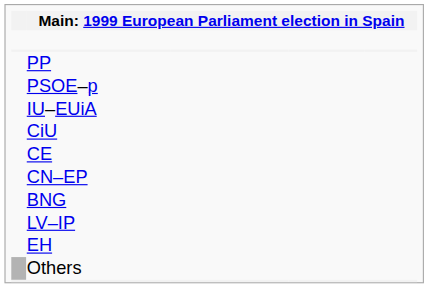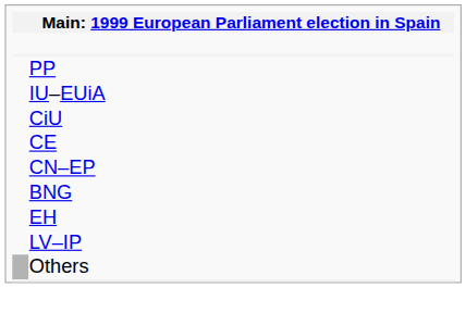 <table class="infobox vcard" cellspacing="0" style="width:23.0em; padding:0.3em; padding-bottom:0em">
 <tr>
 <td style="background:#F2F2F2; vertical-align:middle; padding:0.4em;" width="30px"></td>
 <th colspan="4" style="text-align:center; background:#F2F2F2; font-size:0.85em; width:100%; vertical-align:middle;">Main: <a href='#'>1999 European Parliament election in Spain</a></th>
 </tr>
 <tr>
 <td colspan="5" style="text-align:center; font-size:0.85em; padding:0.5em 0em;">  </td>
 </tr>
 <tr>
 <td colspan="5"></td>
 </tr>
 <tr>
 <td colspan="5"></td>
 </tr>
 <tr>
 <th colspan="2" style="background:#F2F2F2;"></th>
 <th style="background:#F2F2F2;"></th>
 <th style="background:#F2F2F2;"></th>
 <th style="background:#F2F2F2;"></th>
 </tr>
 <tr>
 <td style="background:"></td>
 <td width="85px"><a href='#'>PP</a></td>
 <td width="70px"></td>
 <td width="45px"></td>
 <td width="30px"></td>
-</tr>
-<tr>
-<td style="background:"></td>
-<td><a href='#'>PSOE</a>–<a href='#'>p</a></td>
-<td></td>
-<td></td>
-<td></td>
 </tr>
 <tr>
 <td style="background:"></td>
 <td><a href='#'>IU</a>–<a href='#'>EUiA</a></td>
 <td></td>
 <td></td>
 <td></td>
 </tr>
 <tr>
 <td style="background:"></td>
 <td><a href='#'>CiU</a></td>
 <td></td>
 <td></td>
 <td></td>
 </tr>
 <tr>
 <td style="background:"></td>
 <td><a href='#'>CE</a></td>
 <td></td>
 <td></td>
 <td></td>
 </tr>
 <tr>
 <td style="background:"></td>
 <td><a href='#'>CN–EP</a></td>
 <td></td>
 <td></td>
 <td></td>
 </tr>
 <tr>
 <td style="background:"></td>
 <td><a href='#'>BNG</a></td>
 <td></td>
 <td></td>
 <td></td>
 </tr>
 <tr>
 <td style="background:"></td>
-<td><a href='#'>LV–IP</a></td>
+<td><a href='#'>EH</a></td>
 <td></td>
 <td></td>
 <td></td>
 </tr>
 <tr>
 <td style="background:"></td>
-<td><a href='#'>EH</a></td>
+<td><a href='#'>LV–IP</a></td>
 <td></td>
 <td></td>
 <td></td>
 </tr>
 <tr>
 <td style="background:#B3B3B3;"></td>
 <td align="left">Others</td>
 <td></td>
 <td></td>
 <td></td>
 </tr>
 <tr>
 <th colspan="2" style="background:#F2F2F2;"></th>
 <th style="background:#F2F2F2;"></th>
 <th style="background:#F2F2F2;"></th>
 <th style="background:#F2F2F2;"></th>
 </tr>
 </table>
